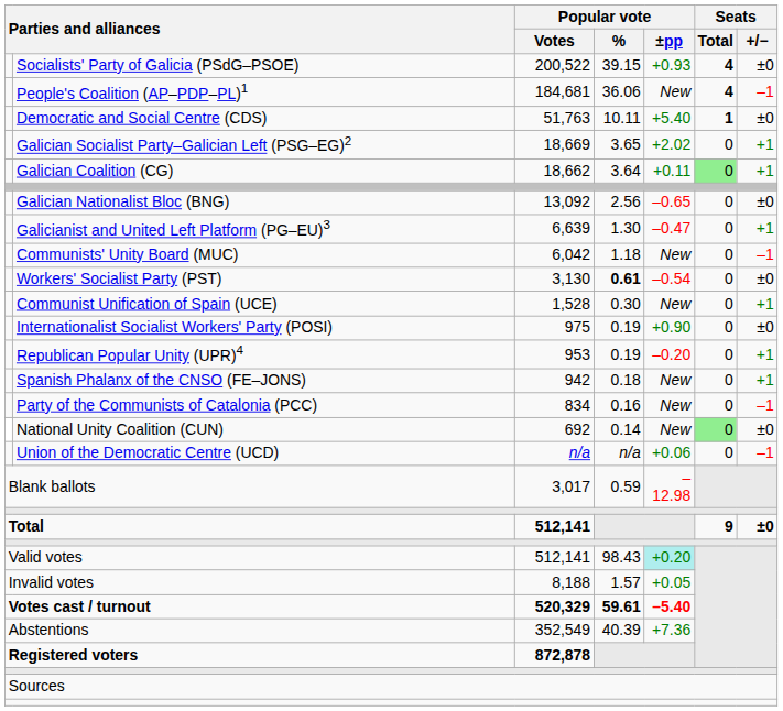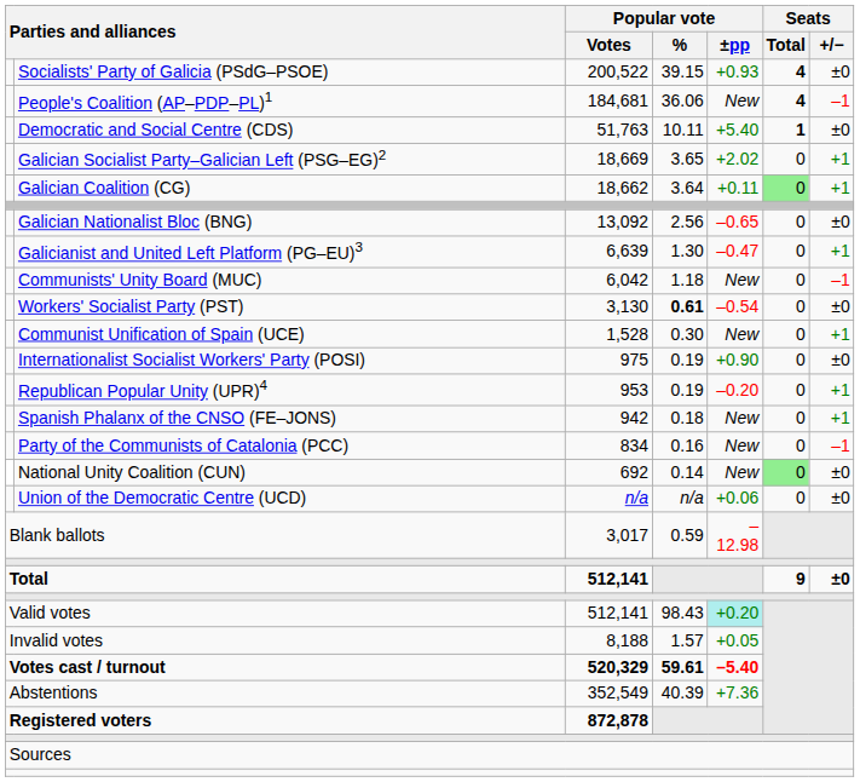 <table class="wikitable" style="text-align:right;">
 <tr>
 <th style="text-align:left;" rowspan="2" colspan="2" width="525">Parties and alliances</th>
 <th colspan="3">Popular vote</th>
 <th colspan="2">Seats</th>
 </tr>
 <tr>
 <th width="75">Votes</th>
 <th width="45">%</th>
 <th width="45">±<a href='#'>pp</a></th>
 <th width="35">Total</th>
 <th width="35">+/−</th>
 </tr>
 <tr>
 <td width="1" style="color:inherit;background:"></td>
 <td align="left"><a href='#'>Socialists' Party of Galicia</a> (PSdG–PSOE)</td>
 <td>200,522</td>
 <td>39.15</td>
 <td style="color:green;">+0.93</td>
 <td><strong>4</strong></td>
 <td>±0</td>
 </tr>
 <tr>
 <td style="color:inherit;background:"></td>
 <td align="left"><a href='#'>People's Coalition</a> (<a href='#'>AP</a>–<a href='#'>PDP</a>–<a href='#'>PL</a>)<sup>1</sup></td>
 <td>184,681</td>
 <td>36.06</td>
 <td><em>New</em></td>
 <td><strong>4</strong></td>
 <td style="color:red;">–1</td>
 </tr>
 <tr>
 <td style="color:inherit;background:"></td>
 <td align="left"><a href='#'>Democratic and Social Centre</a> (CDS)</td>
 <td>51,763</td>
 <td>10.11</td>
 <td style="color:green;">+5.40</td>
 <td><strong>1</strong></td>
 <td>±0</td>
 </tr>
 <tr>
 <td style="color:inherit;background:"></td>
 <td align="left"><a href='#'>Galician Socialist Party–Galician Left</a> (PSG–EG)<sup>2</sup></td>
 <td>18,669</td>
 <td>3.65</td>
 <td style="color:green;">+2.02</td>
 <td>0</td>
 <td style="color:green;">+1</td>
 </tr>
 <tr>
 <td style="color:inherit;background:"></td>
 <td align="left"><a href='#'>Galician Coalition</a> (CG)</td>
 <td>18,662</td>
 <td>3.64</td>
 <td style="color:green;">+0.11</td>
 <td style="background: lightgreen;">0</td>
 <td style="color:green;">+1</td>
 </tr>
 <tr>
 <td colspan="7" bgcolor="#C0C0C0"></td>
 </tr>
 <tr>
 <td style="color:inherit;background:"></td>
 <td align="left"><a href='#'>Galician Nationalist Bloc</a> (BNG)</td>
 <td>13,092</td>
 <td>2.56</td>
 <td style="color:red;">–0.65</td>
 <td>0</td>
 <td>±0</td>
 </tr>
 <tr>
 <td style="color:inherit;background:"></td>
 <td align="left"><a href='#'>Galicianist and United Left Platform</a> (PG–EU)<sup>3</sup></td>
 <td>6,639</td>
 <td>1.30</td>
 <td style="color:red;">–0.47</td>
 <td>0</td>
 <td style="color:green;">+1</td>
 </tr>
 <tr>
 <td style="color:inherit;background:"></td>
 <td align="left"><a href='#'>Communists' Unity Board</a> (MUC)</td>
 <td>6,042</td>
 <td>1.18</td>
 <td><em>New</em></td>
 <td>0</td>
 <td style="color:red;">–1</td>
 </tr>
 <tr>
 <td style="color:inherit;background:"></td>
 <td align="left"><a href='#'>Workers' Socialist Party</a> (PST)</td>
 <td>3,130</td>
 <td><strong>0.61</strong></td>
 <td style="color:red;">–0.54</td>
 <td>0</td>
 <td>±0</td>
 </tr>
 <tr>
 <td style="color:inherit;background:"></td>
 <td align="left"><a href='#'>Communist Unification of Spain</a> (UCE)</td>
 <td>1,528</td>
 <td>0.30</td>
 <td><em>New</em></td>
 <td>0</td>
 <td style="color:green;">+1</td>
 </tr>
 <tr>
 <td style="color:inherit;background:"></td>
 <td align="left"><a href='#'>Internationalist Socialist Workers' Party</a> (POSI)</td>
 <td>975</td>
 <td>0.19</td>
 <td style="color:green;">+0.90</td>
 <td>0</td>
 <td>±0</td>
 </tr>
 <tr>
 <td style="color:inherit;background:"></td>
 <td align="left"><a href='#'>Republican Popular Unity</a> (UPR)<sup>4</sup></td>
 <td>953</td>
 <td>0.19</td>
 <td style="color:red;">–0.20</td>
 <td>0</td>
 <td style="color:green;">+1</td>
 </tr>
 <tr>
 <td style="color:inherit;background:"></td>
 <td align="left"><a href='#'>Spanish Phalanx of the CNSO</a> (FE–JONS)</td>
 <td>942</td>
 <td>0.18</td>
 <td><em>New</em></td>
 <td>0</td>
 <td style="color:green;">+1</td>
 </tr>
 <tr>
 <td style="color:inherit;background:"></td>
 <td align="left"><a href='#'>Party of the Communists of Catalonia</a> (PCC)</td>
 <td>834</td>
 <td>0.16</td>
 <td><em>New</em></td>
 <td>0</td>
 <td style="color:red;">–1</td>
 </tr>
 <tr>
 <td bgcolor="white"></td>
 <td align="left">National Unity Coalition (CUN)</td>
 <td>692</td>
 <td>0.14</td>
 <td><em>New</em></td>
 <td style="background: lightgreen;">0</td>
 <td>±0</td>
 </tr>
 <tr>
 <td style="color:inherit;background:"></td>
 <td align="left"><a href='#'>Union of the Democratic Centre</a> (UCD)</td>
 <td><em><a href='#'>n/a</a></em></td>
 <td><em>n/a</em></td>
 <td style="color:green;">+0.06</td>
 <td>0</td>
-<td style="color:red;">–1</td>
+<td>±0</td>
 </tr>
 <tr>
 <td align="left" colspan="2">Blank ballots</td>
 <td>3,017</td>
 <td>0.59</td>
 <td style="color:red;">–12.98</td>
 <td bgcolor="#E9E9E9" colspan="2"></td>
 </tr>
 <tr>
 <td colspan="7" bgcolor="#E9E9E9"></td>
 </tr>
 <tr style="font-weight:bold;">
 <td align="left" colspan="2">Total</td>
 <td>512,141</td>
 <td bgcolor="#E9E9E9" colspan="2"></td>
 <td>9</td>
 <td>±0</td>
 </tr>
 <tr>
 <td colspan="7" bgcolor="#E9E9E9"></td>
 </tr>
 <tr>
 <td align="left" colspan="2">Valid votes</td>
 <td>512,141</td>
 <td>98.43</td>
 <td style="background: paleturquoise; color:green;">+0.20</td>
 <td bgcolor="#E9E9E9" colspan="2" rowspan="5"></td>
 </tr>
 <tr>
 <td align="left" colspan="2">Invalid votes</td>
 <td>8,188</td>
 <td>1.57</td>
 <td style="color:green;">+0.05</td>
 </tr>
 <tr style="font-weight:bold;">
 <td align="left" colspan="2">Votes cast / turnout</td>
 <td>520,329</td>
 <td>59.61</td>
 <td style="color:red;">–5.40</td>
 </tr>
 <tr>
 <td align="left" colspan="2">Abstentions</td>
 <td>352,549</td>
 <td>40.39</td>
 <td style="color:green;">+7.36</td>
 </tr>
 <tr style="font-weight:bold;">
 <td align="left" colspan="2">Registered voters</td>
 <td>872,878</td>
 <td bgcolor="#E9E9E9" colspan="2"></td>
 </tr>
 <tr>
 <td colspan="7" bgcolor="#E9E9E9"></td>
 </tr>
 <tr>
 <td align="left" colspan="7">Sources</td>
 </tr>
 <tr>
 <td colspan="7" style="text-align:left; max-width:790px;"></td>
 </tr>
 </table>
